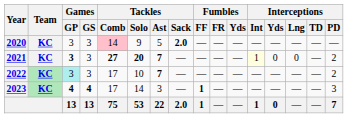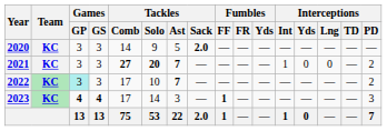 <table class=wikitable style="text-align:center;">
 <tr>
 <th rowspan="2">Year</th>
 <th rowspan="2">Team</th>
 <th colspan="2">Games</th>
 <th colspan="4">Tackles</th>
 <th colspan="3">Fumbles</th>
 <th colspan="5">Interceptions</th>
 </tr>
 <tr>
 <th>GP</th>
 <th>GS</th>
 <th>Comb</th>
 <th>Solo</th>
 <th>Ast</th>
 <th>Sack</th>
 <th>FF</th>
 <th>FR</th>
 <th>Yds</th>
 <th>Int</th>
 <th>Yds</th>
 <th>Lng</th>
 <th>TD</th>
 <th>PD</th>
 </tr>
 <tr>
 <th><a href='#'>2020</a></th>
 <th><a href='#'>KC</a></th>
 <td>3</td>
 <td>3</td>
-<td style="background: pink;">14</td>
+<td>14</td>
 <td>9</td>
 <td>5</td>
 <td><strong>2.0</strong></td>
 <td>—</td>
 <td>—</td>
 <td>—</td>
 <td>—</td>
 <td>—</td>
 <td>—</td>
 <td>—</td>
 <td>—</td>
 </tr>
 <tr>
 <th><a href='#'>2021</a></th>
 <th><a href='#'>KC</a></th>
-<td><strong>3</strong></td>
+<td>3</td>
 <td>3</td>
 <td><strong>27</strong></td>
 <td><strong>20</strong></td>
 <td><strong>7</strong></td>
 <td>—</td>
 <td>—</td>
 <td>—</td>
 <td>—</td>
-<td style="background: lightyellow;">1</td>
+<td>1</td>
 <td>0</td>
 <td>0</td>
 <td>—</td>
 <td>2</td>
 </tr>
 <tr>
 <th><a href='#'>2022</a></th>
 <th style="background:#afe6ba; width:3em;"><a href='#'>KC</a></th>
 <td style="background: paleturquoise;">3</td>
 <td>3</td>
 <td>17</td>
 <td>10</td>
 <td><strong>7</strong></td>
 <td>—</td>
 <td>—</td>
 <td>—</td>
 <td>—</td>
 <td>—</td>
 <td>—</td>
 <td>—</td>
 <td>—</td>
 <td>2</td>
 </tr>
 <tr>
 <th><a href='#'>2023</a></th>
 <th style="background:#afe6ba; width:3em;"><a href='#'>KC</a></th>
 <td><strong>4</strong></td>
 <td><strong>4</strong></td>
 <td>17</td>
 <td>14</td>
 <td>3</td>
 <td>—</td>
 <td><strong>1</strong></td>
 <td>—</td>
 <td>—</td>
 <td>—</td>
 <td>—</td>
 <td>—</td>
 <td>—</td>
 <td>3</td>
 </tr>
 <tr>
 <th colspan="2"></th>
 <th>13</th>
 <th>13</th>
 <th>75</th>
 <th>53</th>
 <th>22</th>
 <th>2.0</th>
 <th>1</th>
 <th>—</th>
 <th>—</th>
 <th>1</th>
 <th>0</th>
 <th>—</th>
 <th>—</th>
 <th>7</th>
 </tr>
 </table>
